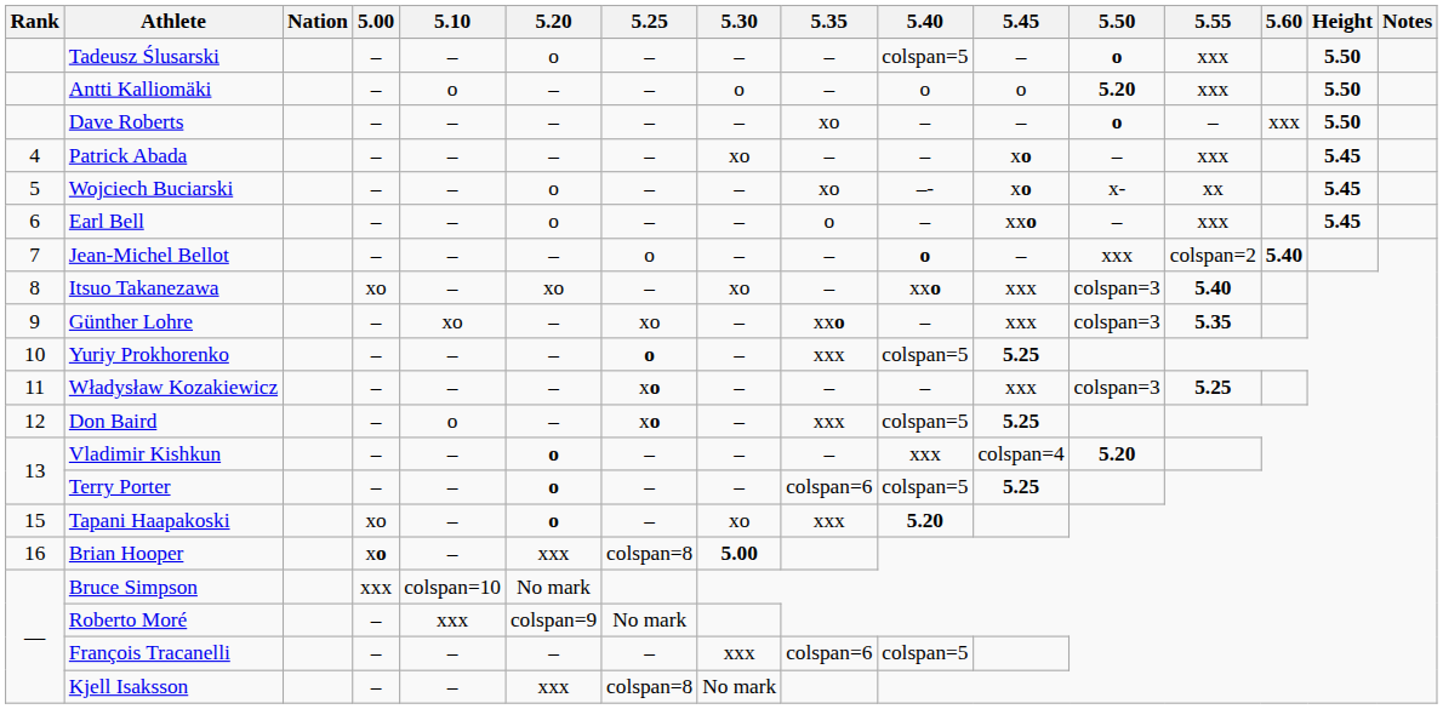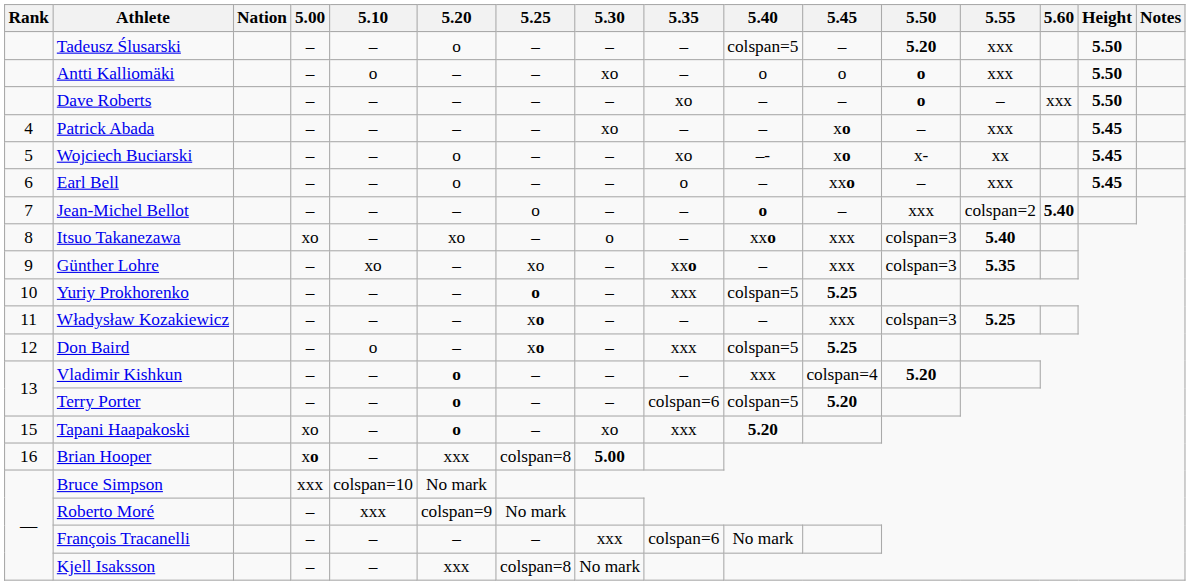 <table class="wikitable sortable" style="text-align:center">
 <tr>
 <th>Rank</th>
 <th>Athlete</th>
 <th>Nation</th>
 <th>5.00</th>
 <th>5.10</th>
 <th>5.20</th>
 <th>5.25</th>
 <th>5.30</th>
 <th>5.35</th>
 <th>5.40</th>
 <th>5.45</th>
 <th>5.50</th>
 <th>5.55</th>
 <th>5.60</th>
 <th>Height</th>
 <th>Notes</th>
 </tr>
 <tr>
 <td></td>
 <td align=left><a href='#'>Tadeusz Ślusarski</a></td>
 <td align="left"></td>
 <td>–</td>
 <td>–</td>
 <td>o</td>
 <td>–</td>
 <td>–</td>
 <td>–</td>
 <td>colspan=5 </td>
 <td>–</td>
-<td><strong>o</strong></td>
+<td><strong>5.20</strong></td>
 <td>xxx</td>
 <td></td>
 <td><strong>5.50</strong></td>
 <td></td>
 </tr>
 <tr>
 <td></td>
 <td align=left><a href='#'>Antti Kalliomäki</a></td>
 <td align="left"></td>
 <td>–</td>
 <td>o</td>
 <td>–</td>
 <td>–</td>
-<td>o</td>
+<td>xo</td>
 <td>–</td>
 <td>o</td>
 <td>o</td>
-<td><strong>5.20</strong></td>
+<td><strong>o</strong></td>
 <td>xxx</td>
 <td></td>
 <td><strong>5.50</strong></td>
 <td></td>
 </tr>
 <tr>
 <td></td>
 <td align=left><a href='#'>Dave Roberts</a></td>
 <td align="left"></td>
 <td>–</td>
 <td>–</td>
 <td>–</td>
 <td>–</td>
 <td>–</td>
 <td>xo</td>
 <td>–</td>
 <td>–</td>
 <td><strong>o</strong></td>
 <td>–</td>
 <td>xxx</td>
 <td><strong>5.50</strong></td>
 <td></td>
 </tr>
 <tr>
 <td>4</td>
 <td align=left><a href='#'>Patrick Abada</a></td>
 <td align="left"></td>
 <td>–</td>
 <td>–</td>
 <td>–</td>
 <td>–</td>
 <td>xo</td>
 <td>–</td>
 <td>–</td>
 <td>x<strong>o</strong></td>
 <td>–</td>
 <td>xxx</td>
 <td></td>
 <td><strong>5.45</strong></td>
 <td></td>
 </tr>
 <tr>
 <td>5</td>
 <td align=left><a href='#'>Wojciech Buciarski</a></td>
 <td align="left"></td>
 <td>–</td>
 <td>–</td>
 <td>o</td>
 <td>–</td>
 <td>–</td>
 <td>xo</td>
 <td>–-</td>
 <td>x<strong>o</strong></td>
 <td>x-</td>
 <td>xx</td>
 <td></td>
 <td><strong>5.45</strong></td>
 <td></td>
 </tr>
 <tr>
 <td>6</td>
 <td align=left><a href='#'>Earl Bell</a></td>
 <td align="left"></td>
 <td>–</td>
 <td>–</td>
 <td>o</td>
 <td>–</td>
 <td>–</td>
 <td>o</td>
 <td>–</td>
 <td>xx<strong>o</strong></td>
 <td>–</td>
 <td>xxx</td>
 <td></td>
 <td><strong>5.45</strong></td>
 <td></td>
 </tr>
 <tr>
 <td>7</td>
 <td align=left><a href='#'>Jean-Michel Bellot</a></td>
 <td align="left"></td>
 <td>–</td>
 <td>–</td>
 <td>–</td>
 <td>o</td>
 <td>–</td>
 <td>–</td>
 <td><strong>o</strong></td>
 <td>–</td>
 <td>xxx</td>
 <td>colspan=2 </td>
 <td><strong>5.40</strong></td>
 <td></td>
 </tr>
 <tr>
 <td>8</td>
 <td align=left><a href='#'>Itsuo Takanezawa</a></td>
 <td align="left"></td>
 <td>xo</td>
 <td>–</td>
 <td>xo</td>
 <td>–</td>
-<td>xo</td>
+<td>o</td>
 <td>–</td>
 <td>xx<strong>o</strong></td>
 <td>xxx</td>
 <td>colspan=3 </td>
 <td><strong>5.40</strong></td>
 <td></td>
 </tr>
 <tr>
 <td>9</td>
 <td align=left><a href='#'>Günther Lohre</a></td>
 <td align="left"></td>
 <td>–</td>
 <td>xo</td>
 <td>–</td>
 <td>xo</td>
 <td>–</td>
 <td>xx<strong>o</strong></td>
 <td>–</td>
 <td>xxx</td>
 <td>colspan=3 </td>
 <td><strong>5.35</strong></td>
 <td></td>
 </tr>
 <tr>
 <td>10</td>
 <td align=left><a href='#'>Yuriy Prokhorenko</a></td>
 <td align="left"></td>
 <td>–</td>
 <td>–</td>
 <td>–</td>
 <td><strong>o</strong></td>
 <td>–</td>
 <td>xxx</td>
 <td>colspan=5 </td>
 <td><strong>5.25</strong></td>
 <td></td>
 </tr>
 <tr>
 <td>11</td>
 <td align=left><a href='#'>Władysław Kozakiewicz</a></td>
 <td align="left"></td>
 <td>–</td>
 <td>–</td>
 <td>–</td>
 <td>x<strong>o</strong></td>
 <td>–</td>
 <td>–</td>
 <td>–</td>
 <td>xxx</td>
 <td>colspan=3 </td>
 <td><strong>5.25</strong></td>
 <td></td>
 </tr>
 <tr>
 <td>12</td>
 <td align=left><a href='#'>Don Baird</a></td>
 <td align="left"></td>
 <td>–</td>
 <td>o</td>
 <td>–</td>
 <td>x<strong>o</strong></td>
 <td>–</td>
 <td>xxx</td>
 <td>colspan=5 </td>
 <td><strong>5.25</strong></td>
 <td></td>
 </tr>
 <tr>
 <td rowspan=2>13</td>
 <td align=left><a href='#'>Vladimir Kishkun</a></td>
 <td align="left"></td>
 <td>–</td>
 <td>–</td>
 <td><strong>o</strong></td>
 <td>–</td>
 <td>–</td>
 <td>–</td>
 <td>xxx</td>
 <td>colspan=4 </td>
 <td><strong>5.20</strong></td>
 <td></td>
 </tr>
 <tr>
 <td align=left><a href='#'>Terry Porter</a></td>
 <td align="left"></td>
 <td>–</td>
 <td>–</td>
 <td><strong>o</strong></td>
 <td>–</td>
 <td>–</td>
 <td>colspan=6 </td>
 <td>colspan=5 </td>
-<td><strong>5.25</strong></td>
+<td><strong>5.20</strong></td>
 <td></td>
 </tr>
 <tr>
 <td>15</td>
 <td align=left><a href='#'>Tapani Haapakoski</a></td>
 <td align="left"></td>
 <td>xo</td>
 <td>–</td>
 <td><strong>o</strong></td>
 <td>–</td>
 <td>xo</td>
 <td>xxx</td>
 <td><strong>5.20</strong></td>
 <td></td>
 </tr>
 <tr>
 <td>16</td>
 <td align=left><a href='#'>Brian Hooper</a></td>
 <td align="left"></td>
 <td>x<strong>o</strong></td>
 <td>–</td>
 <td>xxx</td>
 <td>colspan=8 </td>
 <td><strong>5.00</strong></td>
 <td></td>
 </tr>
 <tr>
 <td rowspan=4 data-sort-value=17>—</td>
 <td align=left><a href='#'>Bruce Simpson</a></td>
 <td align="left"></td>
 <td>xxx</td>
 <td>colspan=10 </td>
 <td data-sort-value=1.00>No mark</td>
 <td></td>
 </tr>
 <tr>
 <td align=left><a href='#'>Roberto Moré</a></td>
 <td align="left"></td>
 <td>–</td>
 <td>xxx</td>
 <td>colspan=9 </td>
 <td data-sort-value=1.00>No mark</td>
 <td></td>
 </tr>
 <tr>
 <td align=left><a href='#'>François Tracanelli</a></td>
 <td align="left"></td>
 <td>–</td>
 <td>–</td>
 <td>–</td>
 <td>–</td>
 <td>xxx</td>
 <td>colspan=6 </td>
-<td>colspan=5 </td>
+<td data-sort-value=1.00>No mark</td>
 <td></td>
 </tr>
 <tr>
 <td align=left><a href='#'>Kjell Isaksson</a></td>
 <td align="left"></td>
 <td>–</td>
 <td>–</td>
 <td>xxx</td>
 <td>colspan=8 </td>
 <td data-sort-value=1.00>No mark</td>
 <td></td>
 </tr>
 </table>
